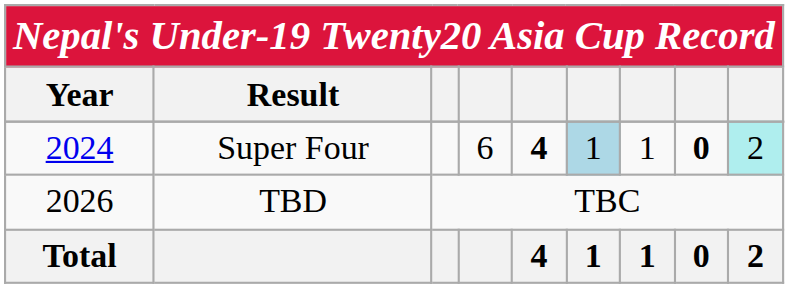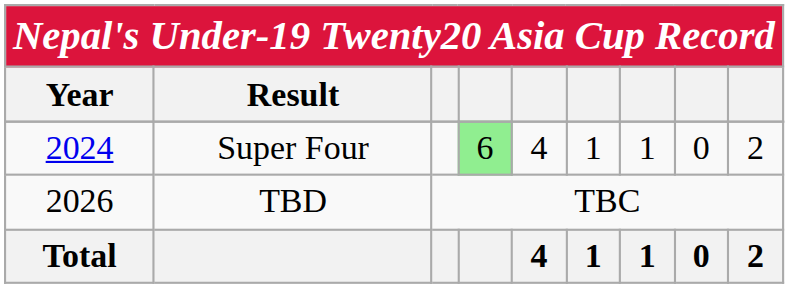 <table class="wikitable" style="text-align:center">
 <tr>
 <th style="color:white; background:#DC143C;" colspan=9><strong><big><em>Nepal's  Under-19 Twenty20 Asia Cup Record</em></big></strong></th>
 </tr>
 <tr>
 <th>Year</th>
 <th>Result</th>
 <th></th>
 <th></th>
 <th></th>
 <th></th>
 <th></th>
 <th></th>
 <th></th>
 </tr>
 <tr bgcolor=pink>
 </tr>
 <tr>
 <td> <a href='#'>2024</a></td>
 <td>Super Four</td>
 <td></td>
-<td>6</td>
-<td><strong>4</strong></td>
-<td style="background: lightblue;">1</td>
+<td style="background: lightgreen;">6</td>
+<td>4</td>
 <td>1</td>
-<td><strong>0</strong></td>
-<td style="background: paleturquoise;">2</td>
+<td>1</td>
+<td>0</td>
+<td>2</td>
 </tr>
 <tr>
 <td>2026</td>
 <td>TBD</td>
 <td colspan="7">TBC</td>
 </tr>
 <tr>
 <th>Total</th>
 <th></th>
 <th></th>
 <th></th>
 <th>4</th>
 <th>1</th>
 <th>1</th>
 <th>0</th>
 <th>2</th>
 </tr>
 </table>
